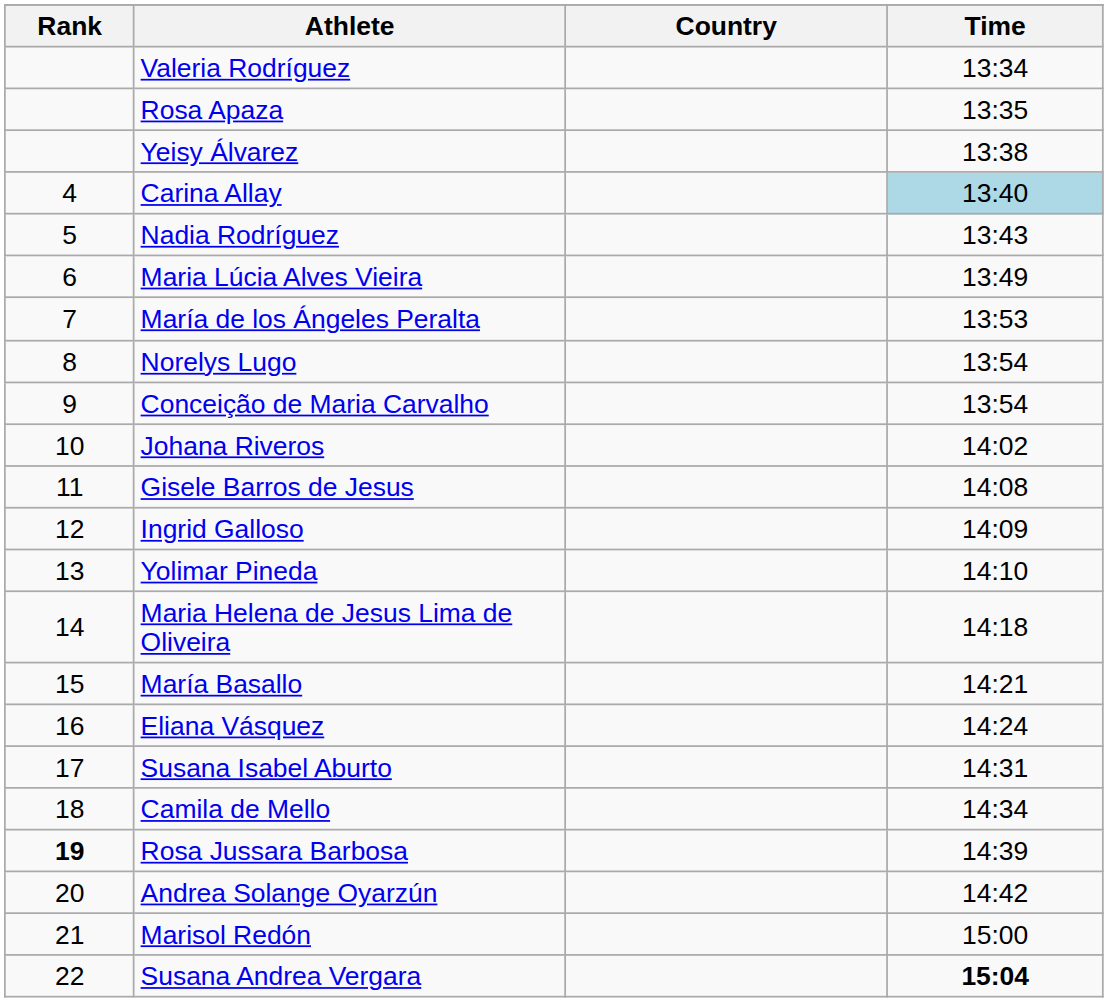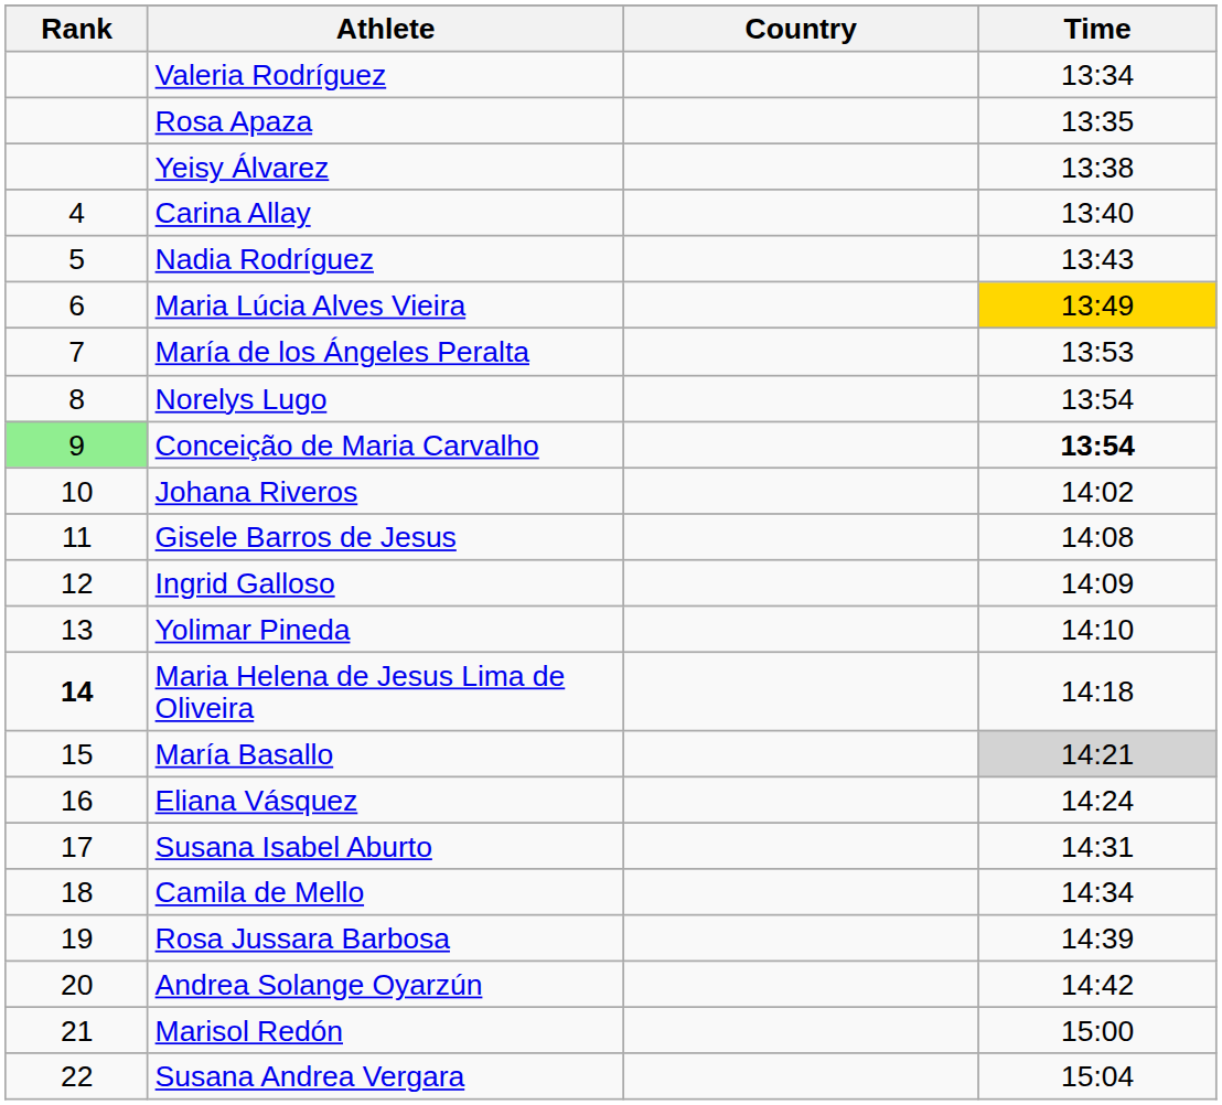 <table class="wikitable sortable" style=" text-align:center; font-size:95%;" width="50%">
 <tr>
 </tr>
 <tr>
 <th width=5%>Rank</th>
 <th width=20%>Athlete</th>
 <th width=15%>Country</th>
 <th width=10%>Time</th>
 </tr>
 <tr>
 <td align=center></td>
 <td align=left><a href='#'>Valeria Rodríguez</a></td>
 <td align=left></td>
 <td>13:34</td>
 </tr>
 <tr>
 <td align=center></td>
 <td align=left><a href='#'>Rosa Apaza</a></td>
 <td align=left></td>
 <td>13:35</td>
 </tr>
 <tr>
 <td align=center></td>
 <td align=left><a href='#'>Yeisy Álvarez</a></td>
 <td align=left></td>
 <td>13:38</td>
 </tr>
 <tr>
 <td align=center>4</td>
 <td align=left><a href='#'>Carina Allay</a></td>
 <td align=left></td>
-<td style="background: lightblue;">13:40</td>
+<td>13:40</td>
 </tr>
 <tr>
 <td align=center>5</td>
 <td align=left><a href='#'>Nadia Rodríguez</a></td>
 <td align=left></td>
 <td>13:43</td>
 </tr>
 <tr>
 <td align=center>6</td>
 <td align=left><a href='#'>Maria Lúcia Alves Vieira</a></td>
 <td align=left></td>
-<td>13:49</td>
+<td style="background: gold;">13:49</td>
 </tr>
 <tr>
 <td align=center>7</td>
 <td align=left><a href='#'>María de los Ángeles Peralta</a></td>
 <td align=left></td>
 <td>13:53</td>
 </tr>
 <tr>
 <td align=center>8</td>
 <td align=left><a href='#'>Norelys Lugo</a></td>
 <td align=left></td>
 <td>13:54</td>
 </tr>
 <tr>
-<td align=center>9</td>
+<td align=center style="background: lightgreen;">9</td>
 <td align=left><a href='#'>Conceição de Maria Carvalho</a></td>
 <td align=left></td>
-<td>13:54</td>
+<td><strong>13:54</strong></td>
 </tr>
 <tr>
 <td align=center>10</td>
 <td align=left><a href='#'>Johana Riveros</a></td>
 <td align=left></td>
 <td>14:02</td>
 </tr>
 <tr>
 <td align=center>11</td>
 <td align=left><a href='#'>Gisele Barros de Jesus</a></td>
 <td align=left></td>
 <td>14:08</td>
 </tr>
 <tr>
 <td align=center>12</td>
 <td align=left><a href='#'>Ingrid Galloso</a></td>
 <td align=left></td>
 <td>14:09</td>
 </tr>
 <tr>
 <td align=center>13</td>
 <td align=left><a href='#'>Yolimar Pineda</a></td>
 <td align=left></td>
 <td>14:10</td>
 </tr>
 <tr>
-<td align=center>14</td>
+<td align=center><strong>14</strong></td>
 <td align=left><a href='#'>Maria Helena de Jesus Lima de Oliveira</a></td>
 <td align=left></td>
 <td>14:18</td>
 </tr>
 <tr>
 <td align=center>15</td>
 <td align=left><a href='#'>María Basallo</a></td>
 <td align=left></td>
-<td>14:21</td>
+<td style="background: lightgrey;">14:21</td>
 </tr>
 <tr>
 <td align=center>16</td>
 <td align=left><a href='#'>Eliana Vásquez</a></td>
 <td align=left></td>
 <td>14:24</td>
 </tr>
 <tr>
 <td align=center>17</td>
 <td align=left><a href='#'>Susana Isabel Aburto</a></td>
 <td align=left></td>
 <td>14:31</td>
 </tr>
 <tr>
 <td align=center>18</td>
 <td align=left><a href='#'>Camila de Mello</a></td>
 <td align=left></td>
 <td>14:34</td>
 </tr>
 <tr>
-<td align=center><strong>19</strong></td>
+<td align=center>19</td>
 <td align=left><a href='#'>Rosa Jussara Barbosa</a></td>
 <td align=left></td>
 <td>14:39</td>
 </tr>
 <tr>
 <td align=center>20</td>
 <td align=left><a href='#'>Andrea Solange Oyarzún</a></td>
 <td align=left></td>
 <td>14:42</td>
 </tr>
 <tr>
 <td align=center>21</td>
 <td align=left><a href='#'>Marisol Redón</a></td>
 <td align=left></td>
 <td>15:00</td>
 </tr>
 <tr>
 <td align=center>22</td>
 <td align=left><a href='#'>Susana Andrea Vergara</a></td>
 <td align=left></td>
-<td><strong>15:04</strong></td>
+<td>15:04</td>
 </tr>
 </table>
